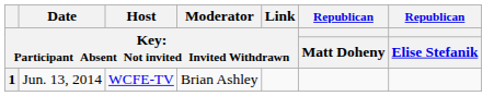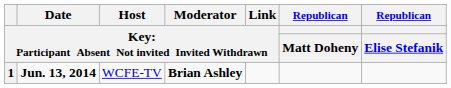 <table class="wikitable" style="text-align:center;">
 <tr>
 <th scope="col"></th>
 <th scope="col">Date</th>
 <th scope="col">Host</th>
 <th scope="col">Moderator</th>
 <th scope="col">Link</th>
 <th scope="col"><small><a href='#'>Republican</a></small></th>
 <th scope="col"><small><a href='#'>Republican</a></small></th>
 </tr>
 <tr>
 <th colspan="5" rowspan="2">Key:<br> <small>Participant </small>  <small>Absent </small>  <small>Not invited </small>  <small>Invited  Withdrawn</small></th>
 <th scope="col" style="background:"></th>
 <th scope="col" style="background:"></th>
 </tr>
 <tr>
 <th scope="col">Matt Doheny</th>
 <th scope="col"><a href='#'>Elise Stefanik</a></th>
 </tr>
 <tr>
 <th>1</th>
-<td style="white-space:nowrap;">Jun. 13, 2014</td>
+<td style="white-space:nowrap;"><strong>Jun. 13, 2014</strong></td>
 <td style="white-space:nowrap;"><a href='#'>WCFE-TV</a></td>
-<td style="white-space:nowrap;">Brian Ashley</td>
+<td style="white-space:nowrap;"><strong>Brian Ashley</strong></td>
 <td style="white-space:nowrap;"></td>
 <td></td>
 <td></td>
 </tr>
 </table>
